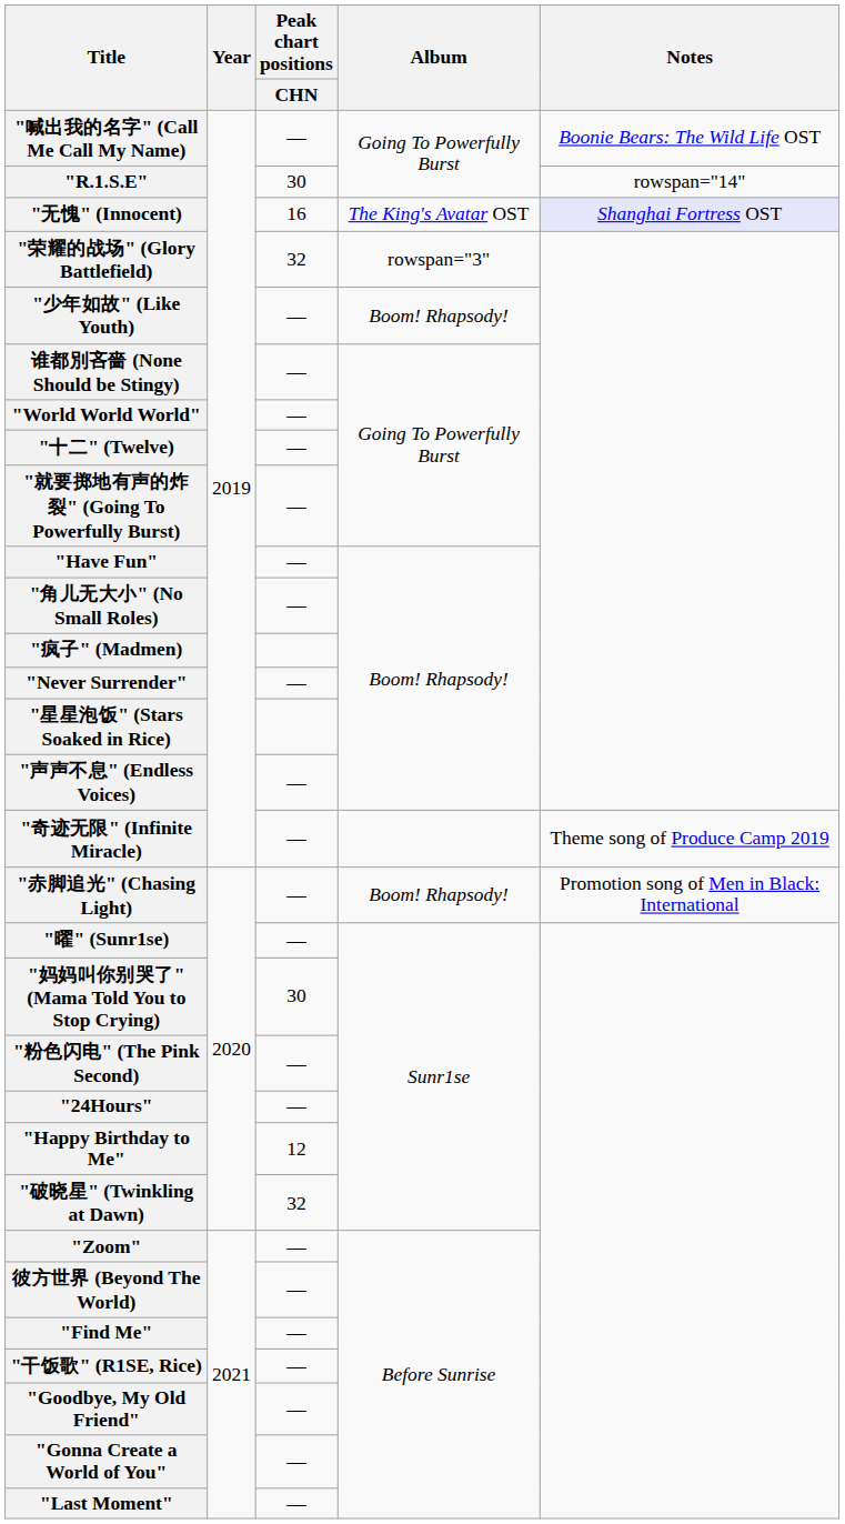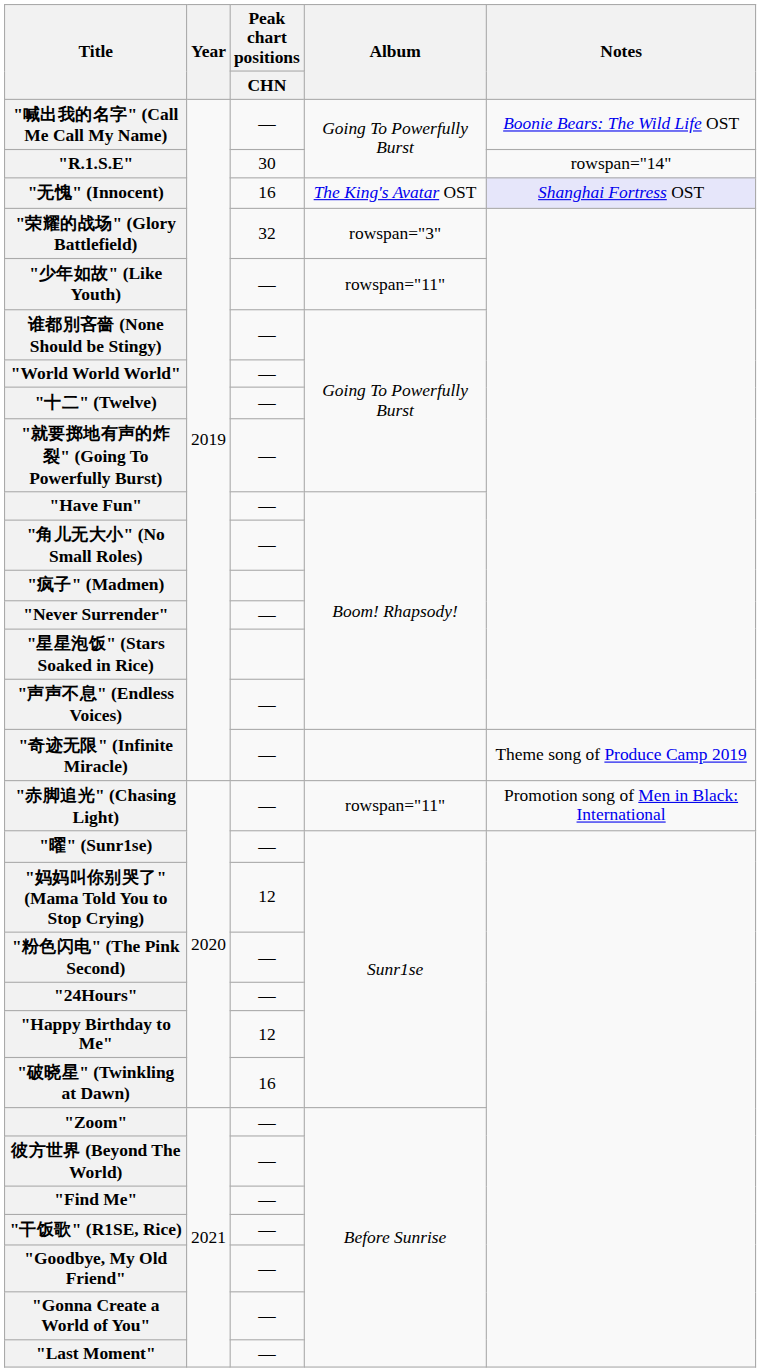 <table class="wikitable plainrowheaders" style="text-align:center">
 <tr>
 <th scope="col" rowspan="2" style="width:10em">Title</th>
 <th scope="col" rowspan="2">Year</th>
 <th scope="col">Peak chart positions</th>
 <th scope="col" rowspan="2" style="width:10em">Album</th>
 <th scope="col" rowspan="2" style="width:15em">Notes</th>
 </tr>
 <tr>
 <th scope="col" style="width:3em">CHN<br></th>
 </tr>
 <tr>
 <th scope="row">"喊出我的名字" (Call Me Call My Name)</th>
 <td rowspan="16">2019</td>
 <td>—</td>
 <td rowspan="2"><em>Going To Powerfully Burst</em></td>
 <td><em><a href='#'>Boonie Bears: The Wild Life</a></em> OST</td>
 </tr>
 <tr>
 <th scope="row">"R.1.S.E"</th>
 <td>30</td>
 <td>rowspan="14" </td>
 </tr>
 <tr>
 <th scope="row">"无愧" (Innocent)</th>
 <td>16</td>
 <td><em><a href='#'>The King's Avatar</a></em> OST</td>
 <td style="background: lavender;"><em><a href='#'>Shanghai Fortress</a></em> OST</td>
 </tr>
 <tr>
 <th scope="row">"荣耀的战场" (Glory Battlefield)</th>
 <td>32</td>
 <td>rowspan="3" </td>
 </tr>
 <tr>
 <th scope="row">"少年如故" (Like Youth)</th>
 <td>—</td>
-<td><em>Boom! Rhapsody!</em></td>
+<td>rowspan="11" </td>
 </tr>
 <tr>
 <th scope="row">谁都別吝嗇 (None Should be Stingy)</th>
 <td>—</td>
 <td rowspan="4"><em>Going To Powerfully Burst</em></td>
 </tr>
 <tr>
 <th scope="row">"World World World"</th>
 <td>—</td>
 </tr>
 <tr>
 <th scope="row">"十二" (Twelve)</th>
 <td>—</td>
 </tr>
 <tr>
 <th scope="row">"就要掷地有声的炸裂" (Going To Powerfully Burst)</th>
 <td>—</td>
 </tr>
 <tr>
 <th scope="row">"Have Fun"</th>
 <td>—</td>
 <td rowspan="6"><em>Boom! Rhapsody!</em></td>
 </tr>
 <tr>
 <th scope="row">"角儿无大小" (No Small Roles)</th>
 <td>—</td>
 </tr>
 <tr>
 <th scope="row">"疯子" (Madmen)</th>
 <td></td>
 </tr>
 <tr>
 <th scope="row">"Never Surrender"</th>
 <td>—</td>
 </tr>
 <tr>
 <th scope="row">"星星泡饭" (Stars Soaked in Rice)</th>
 <td></td>
 </tr>
 <tr>
 <th scope="row">"声声不息" (Endless Voices)</th>
 <td>—</td>
 </tr>
 <tr>
 <th scope="row">"奇迹无限" (Infinite Miracle)</th>
 <td>—</td>
 <td></td>
 <td>Theme song of <a href='#'>Produce Camp 2019</a></td>
 </tr>
 <tr>
 <th scope="row">"赤脚追光" (Chasing Light)</th>
 <td rowspan="7">2020</td>
 <td>—</td>
-<td><em>Boom! Rhapsody!</em></td>
+<td>rowspan="11" </td>
 <td>Promotion song of <a href='#'>Men in Black: International</a></td>
 </tr>
 <tr>
 <th scope="row">"曜" (Sunr1se)</th>
 <td>—</td>
 <td rowspan="6"><em>Sunr1se</em></td>
 </tr>
 <tr>
 <th scope="row">"妈妈叫你别哭了" (Mama Told You to Stop Crying)</th>
-<td>30</td>
+<td>12</td>
 </tr>
 <tr>
 <th scope="row">"粉色闪电" (The Pink Second)</th>
 <td>—</td>
 </tr>
 <tr>
 <th scope="row">"24Hours"</th>
 <td>—</td>
 </tr>
 <tr>
 <th scope="row">"Happy Birthday to Me"</th>
 <td>12</td>
 </tr>
 <tr>
 <th scope="row">"破晓星" (Twinkling at Dawn)</th>
-<td>32</td>
+<td>16</td>
 </tr>
 <tr>
 <th scope="row">"Zoom"</th>
 <td rowspan="7">2021</td>
 <td>—</td>
 <td rowspan="7"><em>Before Sunrise</em></td>
 </tr>
 <tr>
 <th scope="row">彼方世界 (Beyond The World)</th>
 <td>—</td>
 </tr>
 <tr>
 <th scope="row">"Find Me"</th>
 <td>—</td>
 </tr>
 <tr>
 <th scope="row">"干饭歌" (R1SE, Rice)</th>
 <td>—</td>
 </tr>
 <tr>
 <th scope="row">"Goodbye, My Old Friend"</th>
 <td>—</td>
 </tr>
 <tr>
 <th scope="row">"Gonna Create a World of You"</th>
 <td>—</td>
 </tr>
 <tr>
 <th scope="row">"Last Moment"</th>
 <td>—</td>
 </tr>
 </table>
